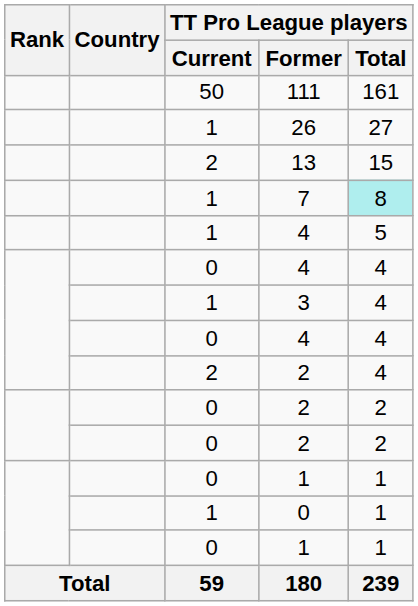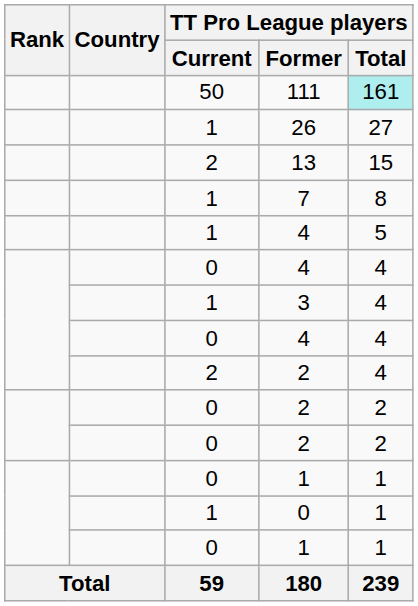 <table class="wikitable sortable" style="font-size:90%;">
 <tr>
 <th rowspan="2" class="unsortable">Rank</th>
 <th rowspan="2">Country</th>
 <th colspan="3">TT Pro League players</th>
 </tr>
 <tr>
 <th>Current</th>
 <th>Former</th>
 <th>Total</th>
 </tr>
 <tr>
 <td rowspan="1"></td>
 <td></td>
 <td align="center">50</td>
 <td align="center">111</td>
-<td align="center">161</td>
+<td align="center" style="background: paleturquoise;">161</td>
 </tr>
 <tr>
 <td rowspan="1"></td>
 <td></td>
 <td align="center">1</td>
 <td align="center">26</td>
 <td align="center">27</td>
 </tr>
 <tr>
 <td rowspan="1"></td>
 <td></td>
 <td align="center">2</td>
 <td align="center">13</td>
 <td align="center">15</td>
 </tr>
 <tr>
 <td rowspan="1"></td>
 <td></td>
 <td align="center">1</td>
 <td align="center">7</td>
-<td align="center" style="background: paleturquoise;">8</td>
+<td align="center">8</td>
 </tr>
 <tr>
 <td rowspan="1"></td>
 <td></td>
 <td align="center">1</td>
 <td align="center">4</td>
 <td align="center">5</td>
 </tr>
 <tr>
 <td rowspan="4"></td>
 <td></td>
 <td align="center">0</td>
 <td align="center">4</td>
 <td align="center">4</td>
 </tr>
 <tr>
 <td></td>
 <td align="center">1</td>
 <td align="center">3</td>
 <td align="center">4</td>
 </tr>
 <tr>
 <td></td>
 <td align="center">0</td>
 <td align="center">4</td>
 <td align="center">4</td>
 </tr>
 <tr>
 <td></td>
 <td align="center">2</td>
 <td align="center">2</td>
 <td align="center">4</td>
 </tr>
 <tr>
 <td rowspan="2"></td>
 <td></td>
 <td align="center">0</td>
 <td align="center">2</td>
 <td align="center">2</td>
 </tr>
 <tr>
 <td></td>
 <td align="center">0</td>
 <td align="center">2</td>
 <td align="center">2</td>
 </tr>
 <tr>
 <td rowspan="3"></td>
 <td></td>
 <td align="center">0</td>
 <td align="center">1</td>
 <td align="center">1</td>
 </tr>
 <tr>
 <td></td>
 <td align="center">1</td>
 <td align="center">0</td>
 <td align="center">1</td>
 </tr>
 <tr>
 <td></td>
 <td align="center">0</td>
 <td align="center">1</td>
 <td align="center">1</td>
 </tr>
 <tr>
 <th colspan="2">Total</th>
 <th>59</th>
 <th>180</th>
 <th>239</th>
 </tr>
 </table>
